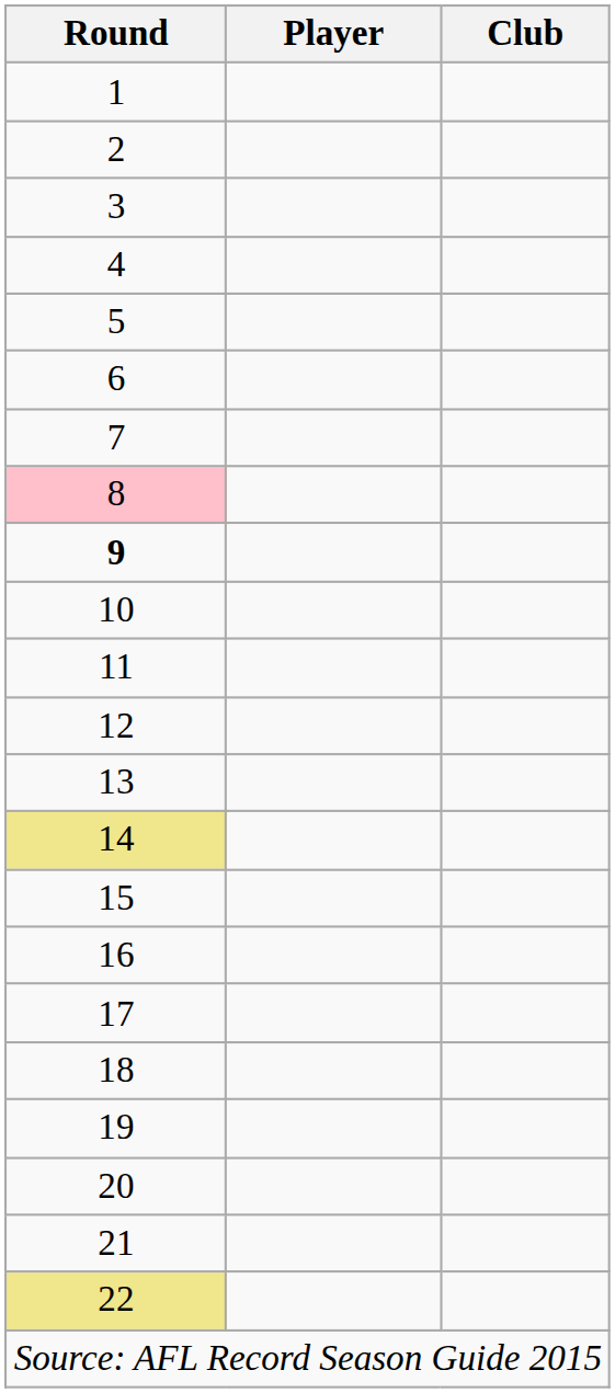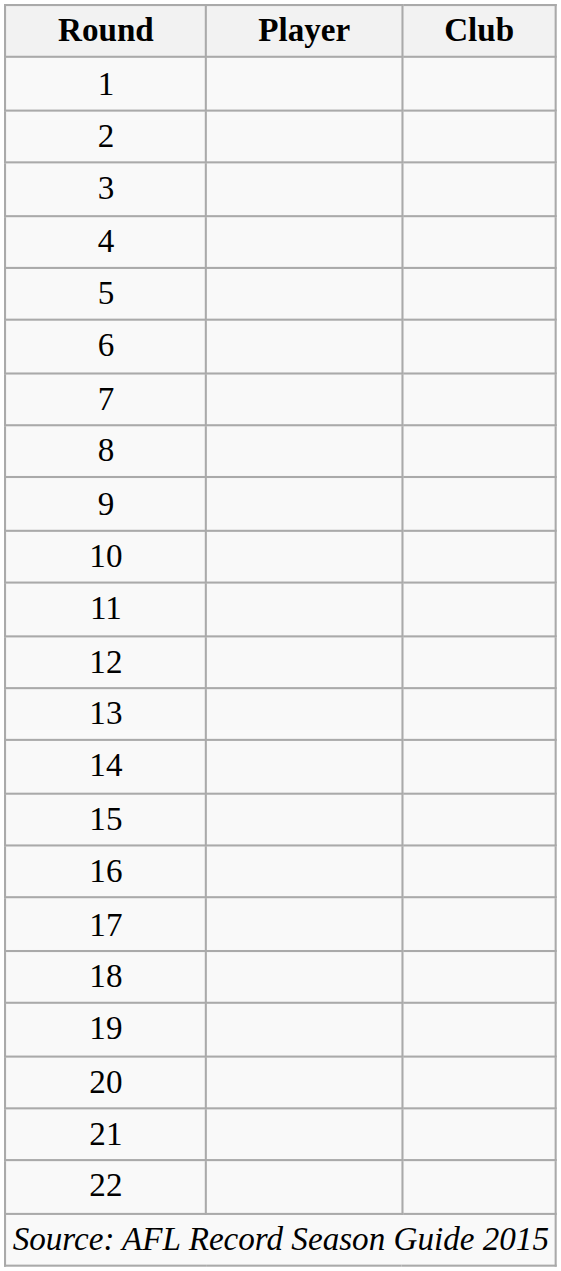 <table class="wikitable sortable" style="text-align:center">
 <tr>
 <th>Round</th>
 <th>Player</th>
 <th>Club</th>
 </tr>
 <tr>
 <td>1</td>
 <td></td>
 <td></td>
 </tr>
 <tr>
 <td>2</td>
 <td></td>
 <td></td>
 </tr>
 <tr>
 <td>3</td>
 <td></td>
 <td></td>
 </tr>
 <tr>
 <td>4</td>
 <td></td>
 <td></td>
 </tr>
 <tr>
 <td>5</td>
 <td></td>
 <td></td>
 </tr>
 <tr>
 <td>6</td>
 <td></td>
 <td></td>
 </tr>
 <tr>
 <td>7</td>
 <td></td>
 <td></td>
 </tr>
 <tr>
-<td style="background: pink;">8</td>
+<td>8</td>
 <td></td>
 <td></td>
 </tr>
 <tr>
-<td><strong>9</strong></td>
+<td>9</td>
 <td></td>
 <td></td>
 </tr>
 <tr>
 <td>10</td>
 <td></td>
 <td></td>
 </tr>
 <tr>
 <td>11</td>
 <td></td>
 <td></td>
 </tr>
 <tr>
 <td>12</td>
 <td><strong></strong></td>
 <td><strong></strong></td>
 </tr>
 <tr>
 <td>13</td>
 <td></td>
 <td></td>
 </tr>
 <tr>
-<td style="background: khaki;">14</td>
+<td>14</td>
 <td></td>
 <td></td>
 </tr>
 <tr>
 <td>15</td>
 <td></td>
 <td></td>
 </tr>
 <tr>
 <td>16</td>
 <td></td>
 <td></td>
 </tr>
 <tr>
 <td>17</td>
 <td></td>
 <td></td>
 </tr>
 <tr>
 <td>18</td>
 <td></td>
 <td></td>
 </tr>
 <tr>
 <td>19</td>
 <td></td>
 <td></td>
 </tr>
 <tr>
 <td>20</td>
 <td></td>
 <td></td>
 </tr>
 <tr>
 <td>21</td>
 <td></td>
 <td></td>
 </tr>
 <tr>
-<td style="background: khaki;">22</td>
+<td>22</td>
 <td></td>
 <td></td>
 </tr>
 <tr class="sortbottom">
 <td colspan=4><em>Source: AFL Record Season Guide 2015</em></td>
 </tr>
 </table>
